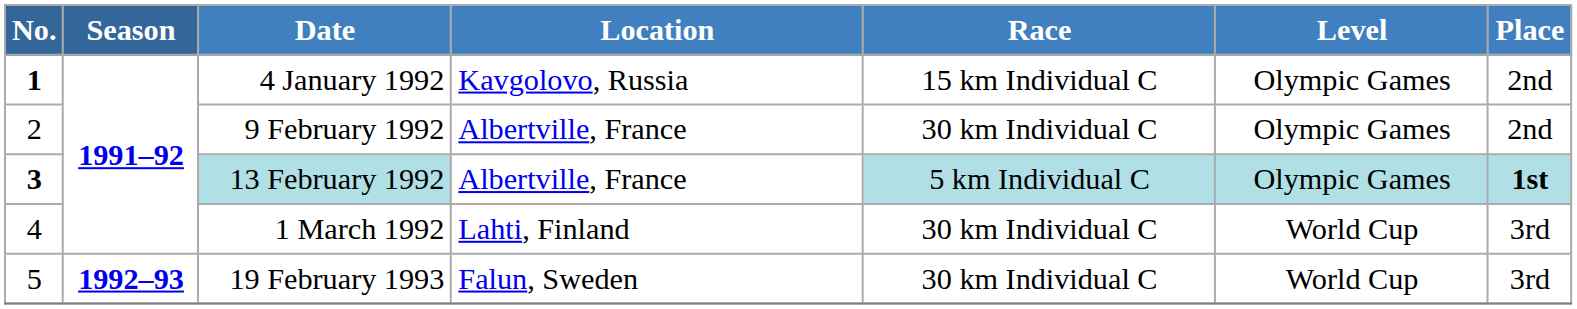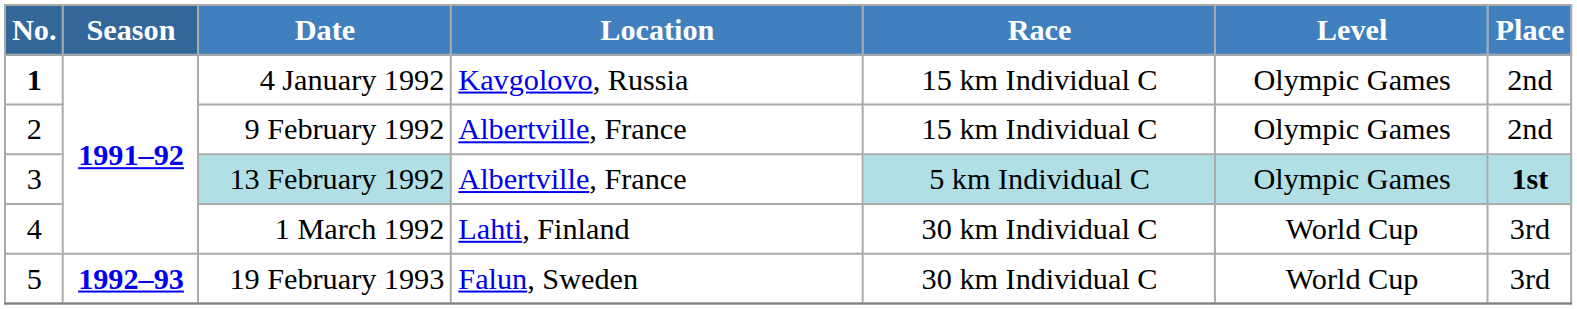 <table class="wikitable sortable" style="font-size:95%; text-align:center; border:grey solid 1px; border-collapse:collapse; background:#ffffff;">
 <tr style="background:#efefef;">
 <th style="background-color:#369; color:white;">No.</th>
 <th style="background-color:#369; color:white;">Season</th>
 <th style="background-color:#4180be; color:white; width:120px;">Date</th>
 <th style="background-color:#4180be; color:white; width:200px;">Location</th>
 <th style="background-color:#4180be; color:white; width:170px;">Race</th>
 <th style="background-color:#4180be; color:white; width:130px;">Level</th>
 <th style="background-color:#4180be; color:white;">Place</th>
 </tr>
 <tr>
 <td align=center><strong>1</strong></td>
 <td rowspan=4 align=center><strong> <a href='#'>1991–92</a> </strong></td>
 <td align=right>4 January 1992</td>
 <td align=left>  <a href='#'>Kavgolovo</a>, Russia</td>
 <td>15 km Individual C</td>
 <td>Olympic Games</td>
 <td>2nd</td>
 </tr>
 <tr>
 <td align=center>2</td>
 <td align=right>9 February 1992</td>
 <td align=left> <a href='#'>Albertville</a>, France</td>
-<td>30 km Individual C</td>
+<td>15 km Individual C</td>
 <td>Olympic Games</td>
 <td>2nd</td>
 </tr>
 <tr>
-<td align=center><strong>3</strong></td>
+<td align=center>3</td>
 <td bgcolor="#BOEOE6" align=right>13 February 1992</td>
 <td align=left> <a href='#'>Albertville</a>, France</td>
 <td bgcolor="#BOEOE6">5 km Individual C</td>
 <td bgcolor="#BOEOE6">Olympic Games</td>
 <td bgcolor="#BOEOE6"><strong>1st</strong></td>
 </tr>
 <tr>
 <td align=center>4</td>
 <td align=right>1 March 1992</td>
 <td align=left> <a href='#'>Lahti</a>, Finland</td>
 <td>30 km Individual C</td>
 <td>World Cup</td>
 <td>3rd</td>
 </tr>
 <tr>
 <td align=center>5</td>
 <td rowspan=1 align=center><strong> <a href='#'>1992–93</a> </strong></td>
 <td align=right>19 February 1993</td>
 <td align=left> <a href='#'>Falun</a>, Sweden</td>
 <td>30 km Individual C</td>
 <td>World Cup</td>
 <td>3rd</td>
 </tr>
 <tr>
 </tr>
 </table>
